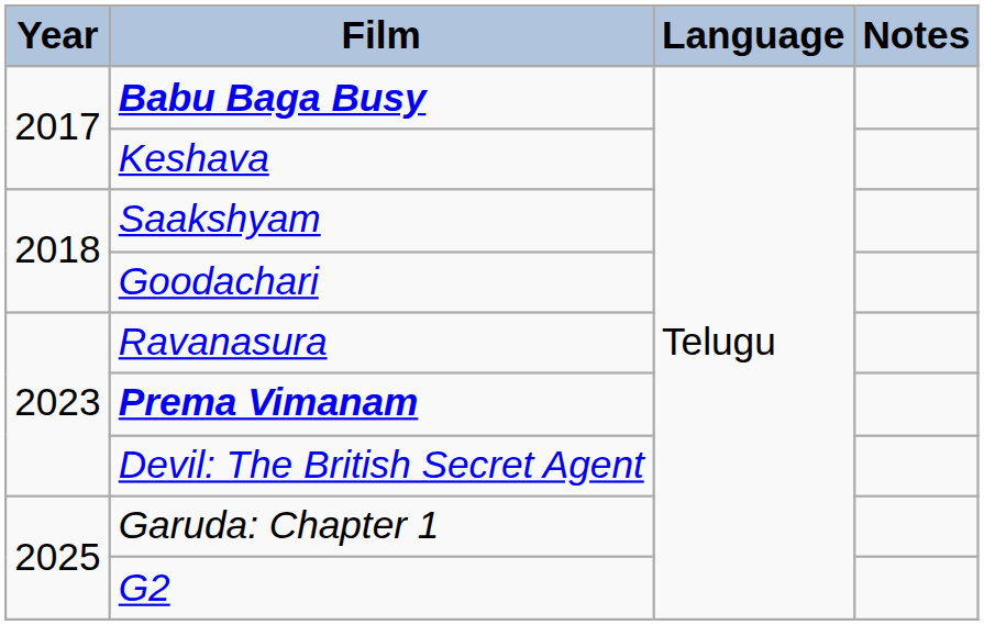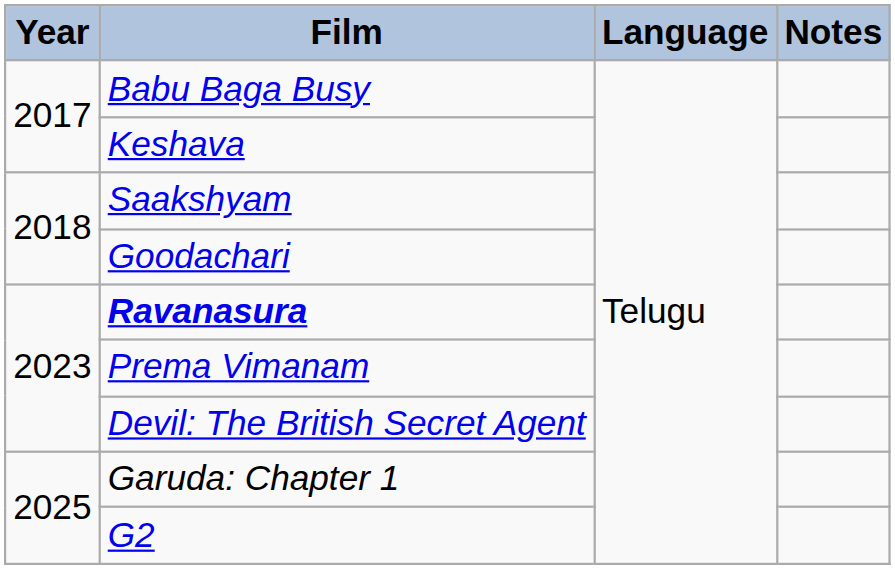 <table class="wikitable">
 <tr style="text-align:center;">
 <th style="text-align:center; background:#b0c4de;">Year</th>
 <th style="text-align:center; background:#b0c4de;">Film</th>
 <th style="text-align:center; background:#b0c4de;">Language</th>
 <th style="text-align:center; background:#b0c4de;">Notes</th>
 </tr>
 <tr>
 <td rowspan="2">2017</td>
-<td><strong><em><a href='#'>Babu Baga Busy</a></em></strong></td>
+<td><em><a href='#'>Babu Baga Busy</a></em></td>
 <td rowspan="9">Telugu</td>
 <td></td>
 </tr>
 <tr>
 <td><em><a href='#'>Keshava</a></em></td>
 <td></td>
 </tr>
 <tr>
 <td rowspan="2">2018</td>
 <td><em><a href='#'>Saakshyam</a></em></td>
 <td></td>
 </tr>
 <tr>
 <td><em><a href='#'>Goodachari</a></em></td>
 <td></td>
 </tr>
 <tr>
 <td rowspan="3">2023</td>
-<td><em><a href='#'>Ravanasura</a></em></td>
+<td><strong><em><a href='#'>Ravanasura</a></em></strong></td>
 <td></td>
 </tr>
 <tr>
-<td><strong><em><a href='#'>Prema Vimanam</a></em></strong></td>
+<td><em><a href='#'>Prema Vimanam</a></em></td>
 <td></td>
 </tr>
 <tr>
 <td><em><a href='#'>Devil: The British Secret Agent</a></em></td>
 <td></td>
 </tr>
 <tr>
 <td rowspan="2">2025</td>
 <td><em>Garuda: Chapter 1</em></td>
 <td></td>
 </tr>
 <tr>
 <td><em><a href='#'>G2</a></em></td>
 <td></td>
 </tr>
 </table>
